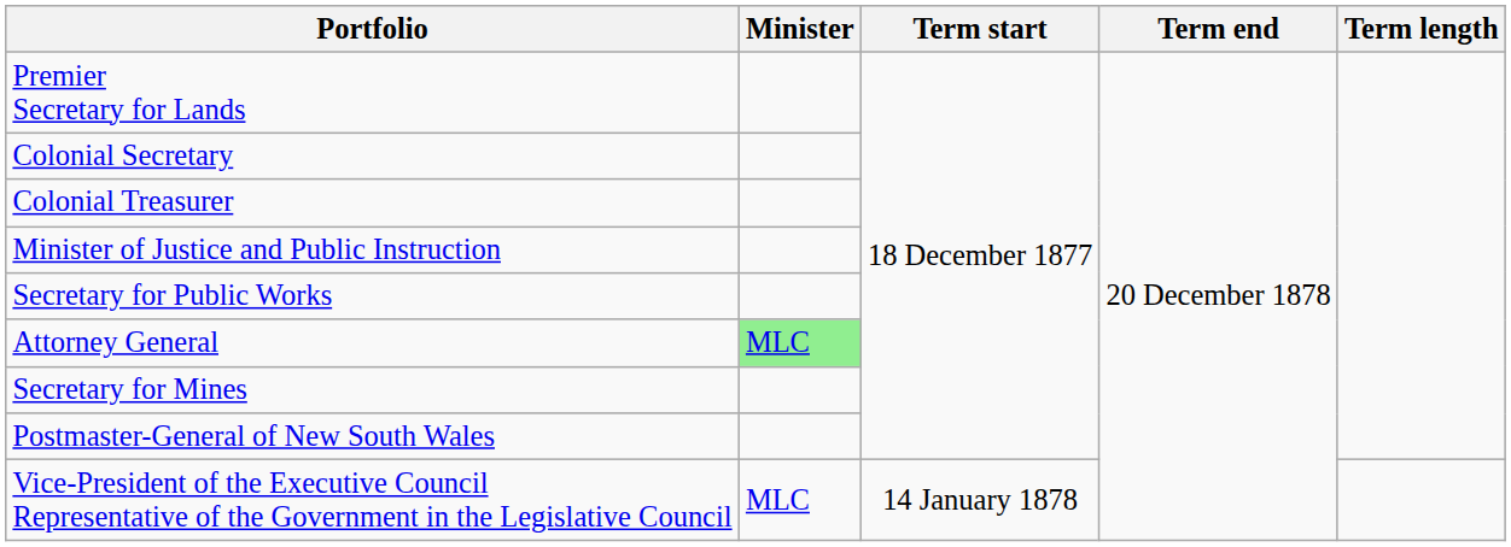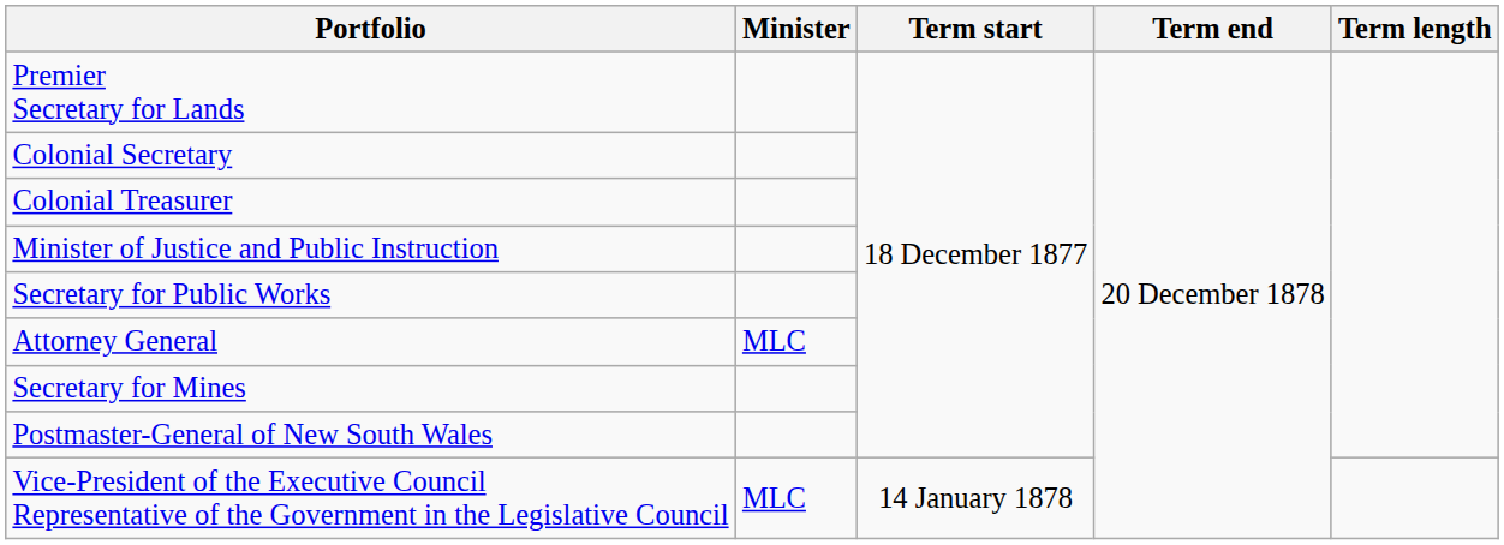 <table class="wikitable sortable">
 <tr>
 <th>Portfolio</th>
 <th>Minister</th>
 <th>Term start</th>
 <th>Term end</th>
 <th>Term length</th>
 </tr>
 <tr>
 <td><a href='#'>Premier</a><br><a href='#'>Secretary for Lands</a></td>
 <td></td>
 <td rowspan="8" align="center">18 December 1877</td>
 <td rowspan="9" align="center">20 December 1878</td>
 <td rowspan="8" align="center"></td>
 </tr>
 <tr>
 <td><a href='#'>Colonial Secretary</a></td>
 <td></td>
 </tr>
 <tr>
 <td><a href='#'>Colonial Treasurer</a></td>
 <td></td>
 </tr>
 <tr>
 <td><a href='#'>Minister of Justice and Public Instruction</a></td>
 <td></td>
 </tr>
 <tr>
 <td><a href='#'>Secretary for Public Works</a></td>
 <td></td>
 </tr>
 <tr>
 <td><a href='#'>Attorney General</a></td>
-<td style="background: lightgreen;"> <a href='#'>MLC</a></td>
+<td> <a href='#'>MLC</a></td>
 </tr>
 <tr>
 <td><a href='#'>Secretary for Mines</a></td>
 <td></td>
 </tr>
 <tr>
 <td><a href='#'>Postmaster-General of New South Wales</a></td>
 <td></td>
 </tr>
 <tr>
 <td><a href='#'>Vice-President of the Executive Council</a><br><a href='#'>Representative of the Government in the Legislative Council</a></td>
 <td> <a href='#'>MLC</a></td>
 <td align="center">14 January 1878</td>
 <td align="center"></td>
 </tr>
 </table>
